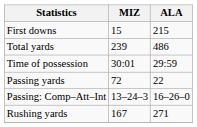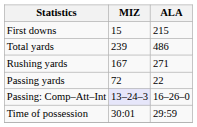 <table class="wikitable" style="float: left;">
 <tr>
 <th>Statistics</th>
 <th>MIZ</th>
 <th>ALA</th>
 </tr>
 <tr>
 <td>First downs</td>
 <td>15</td>
 <td>215</td>
 </tr>
 <tr>
 <td>Total yards</td>
 <td>239</td>
 <td>486</td>
 </tr>
 <tr>
-<td>Time of possession</td>
-<td>30:01</td>
-<td>29:59</td>
+<td>Rushing yards</td>
+<td>167</td>
+<td>271</td>
 </tr>
 <tr>
 <td>Passing yards</td>
 <td>72</td>
 <td>22</td>
 </tr>
 <tr>
 <td>Passing: Comp–Att–Int</td>
-<td>13–24–3</td>
+<td style="background: lavender;">13–24–3</td>
 <td>16–26–0</td>
 </tr>
 <tr>
-<td>Rushing yards</td>
-<td>167</td>
-<td>271</td>
+<td>Time of possession</td>
+<td>30:01</td>
+<td>29:59</td>
 </tr>
 <tr>
 </tr>
 </table>
